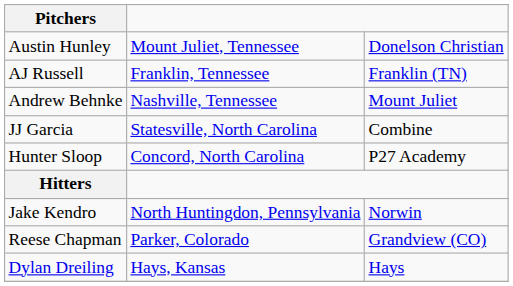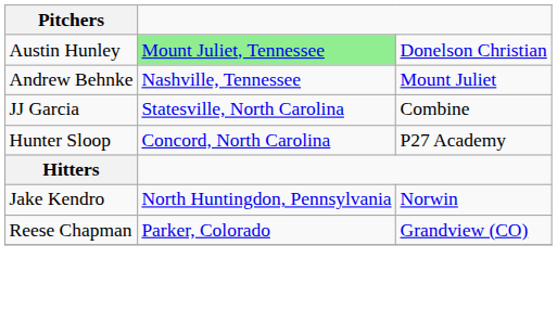 <table class="wikitable">
 <tr>
 <th>Pitchers</th>
 </tr>
 <tr>
 <td>Austin Hunley</td>
-<td><a href='#'>Mount Juliet, Tennessee</a></td>
+<td style="background: lightgreen;"><a href='#'>Mount Juliet, Tennessee</a></td>
 <td><a href='#'>Donelson Christian</a></td>
-</tr>
-<tr>
-<td>AJ Russell</td>
-<td><a href='#'>Franklin, Tennessee</a></td>
-<td><a href='#'>Franklin (TN)</a></td>
 </tr>
 <tr>
 <td>Andrew Behnke</td>
 <td><a href='#'>Nashville, Tennessee</a></td>
 <td><a href='#'>Mount Juliet</a></td>
 </tr>
 <tr>
 <td>JJ Garcia</td>
 <td><a href='#'>Statesville, North Carolina</a></td>
 <td>Combine</td>
 </tr>
 <tr>
 <td>Hunter Sloop</td>
 <td><a href='#'>Concord, North Carolina</a></td>
 <td>P27 Academy</td>
 </tr>
 <tr>
 <th>Hitters</th>
 </tr>
 <tr>
 <td>Jake Kendro</td>
 <td><a href='#'>North Huntingdon, Pennsylvania</a></td>
 <td><a href='#'>Norwin</a></td>
 </tr>
 <tr>
 <td>Reese Chapman</td>
 <td><a href='#'>Parker, Colorado</a></td>
 <td><a href='#'>Grandview (CO)</a></td>
 </tr>
 <tr>
-<td><a href='#'>Dylan Dreiling</a></td>
-<td><a href='#'>Hays, Kansas</a></td>
-<td><a href='#'>Hays</a></td>
-</tr>
-<tr>
 </tr>
 </table>
